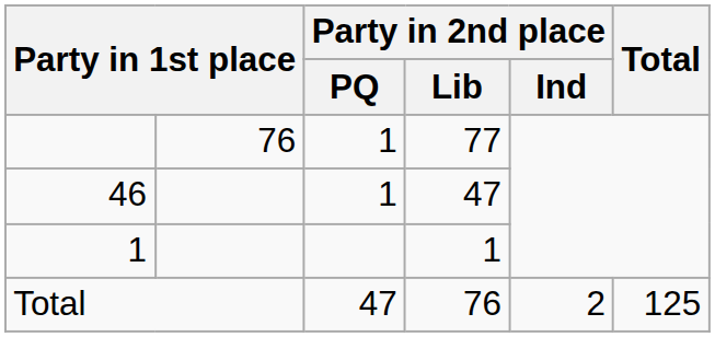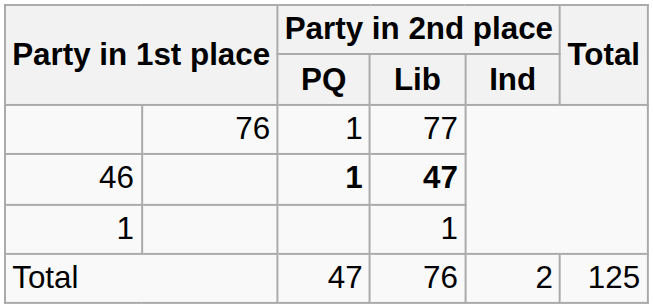 <table class="wikitable" style="text-align:right;">
 <tr>
 <th rowspan="2" colspan="2" style="text-align:left;">Party in 1st place</th>
 <th colspan="3">Party in 2nd place</th>
 <th rowspan="2">Total</th>
 </tr>
 <tr>
 <th>PQ</th>
 <th>Lib</th>
 <th>Ind</th>
 </tr>
 <tr>
 <td></td>
 <td>76</td>
 <td>1</td>
 <td>77</td>
 </tr>
 <tr>
 <td>46</td>
 <td></td>
-<td>1</td>
-<td>47</td>
+<td><strong>1</strong></td>
+<td><strong>47</strong></td>
 </tr>
 <tr>
 <td>1</td>
 <td></td>
 <td></td>
 <td>1</td>
 </tr>
 <tr>
 <td colspan="2" style="text-align:left;">Total</td>
 <td>47</td>
 <td>76</td>
 <td>2</td>
 <td>125</td>
 </tr>
 </table>
